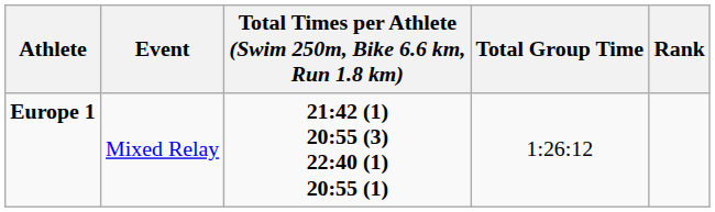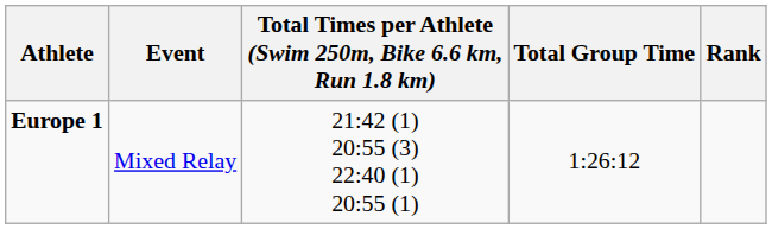 <table class="wikitable" style="font-size:90%;">
 <tr>
 <th>Athlete</th>
 <th>Event</th>
 <th>Total Times per Athlete <br> <em>(Swim 250m, Bike 6.6 km, <br> Run 1.8 km)</th>
 <th>Total Group Time</th>
 <th>Rank</th>
 </tr>
 <tr align=center>
 <td align=left><strong>Europe 1</strong><br><br><br><br></td>
 <td rowspan=2 align=left><a href='#'>Mixed Relay</a></td>
-<td valign=bottom><strong>21:42 (1)<br>20:55 (3)<br>22:40 (1)<br>20:55 (1)</strong></td>
+<td valign=bottom>21:42 (1)<br>20:55 (3)<br>22:40 (1)<br>20:55 (1)</td>
 <td>1:26:12</td>
 <td></td>
 </tr>
 </table>
